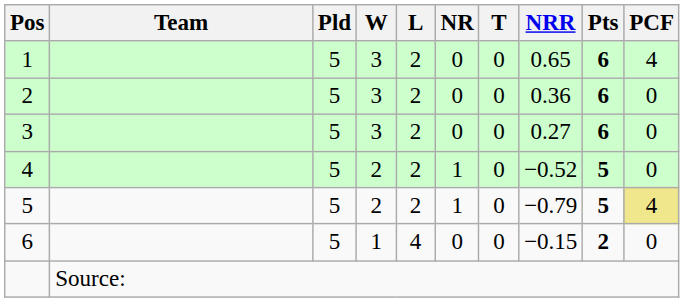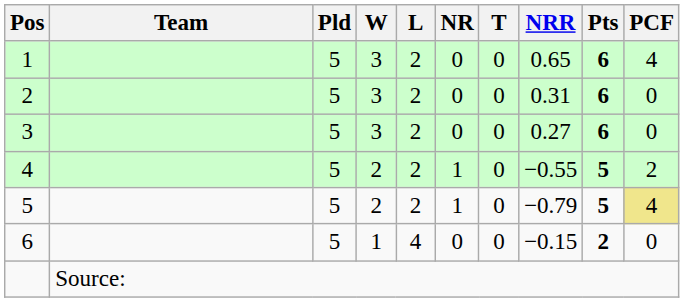 <table class="wikitable" style="text-align:center">
 <tr>
 <th>Pos</th>
 <th width="175">Team</th>
 <th width=20 abbr="Played">Pld</th>
 <th width=20 abbr="Won">W</th>
 <th width=20 abbr="Lost">L</th>
 <th width=20 abbr="No result">NR</th>
 <th width=20 abbr="Tied">T</th>
 <th width=20 abbr="Net run rate"><a href='#'>NRR</a></th>
 <th width=20 abbr="Points">Pts</th>
 <th width=20 abbr="Points carried forward">PCF</th>
 </tr>
 <tr style="background:#ccffcc">
 <td>1</td>
 <td style="text-align:left"></td>
 <td>5</td>
 <td>3</td>
 <td>2</td>
 <td>0</td>
 <td>0</td>
 <td>0.65</td>
 <td><strong>6</strong></td>
 <td>4</td>
 </tr>
 <tr style="background:#ccffcc">
 <td>2</td>
 <td style="text-align:left"></td>
 <td>5</td>
 <td>3</td>
 <td>2</td>
 <td>0</td>
 <td>0</td>
-<td>0.36</td>
+<td>0.31</td>
 <td><strong>6</strong></td>
 <td>0</td>
 </tr>
 <tr style="background:#ccffcc">
 <td>3</td>
 <td style="text-align:left"></td>
 <td>5</td>
 <td>3</td>
 <td>2</td>
 <td>0</td>
 <td>0</td>
 <td>0.27</td>
 <td><strong>6</strong></td>
 <td>0</td>
 </tr>
 <tr style="background:#ccffcc">
 <td>4</td>
 <td style="text-align:left"></td>
 <td>5</td>
 <td>2</td>
 <td>2</td>
 <td>1</td>
 <td>0</td>
-<td>−0.52</td>
+<td>−0.55</td>
 <td><strong>5</strong></td>
-<td>0</td>
+<td>2</td>
 </tr>
 <tr>
 <td>5</td>
 <td style="text-align:left"></td>
 <td>5</td>
 <td>2</td>
 <td>2</td>
 <td>1</td>
 <td>0</td>
 <td>−0.79</td>
 <td><strong>5</strong></td>
 <td style="background: khaki;">4</td>
 </tr>
 <tr>
 <td>6</td>
 <td style="text-align:left"></td>
 <td>5</td>
 <td>1</td>
 <td>4</td>
 <td>0</td>
 <td>0</td>
 <td>−0.15</td>
 <td><strong>2</strong></td>
 <td>0</td>
 </tr>
 <tr>
 <td></td>
 <td colspan="9" style="text-align:left">Source: </td>
 </tr>
 </table>
